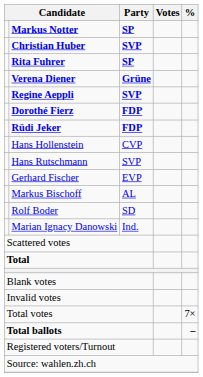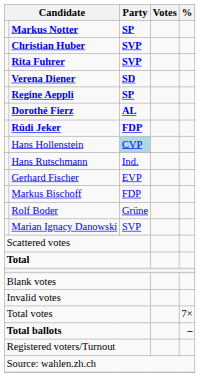 <table class="wikitable" style="text-align:right;">
 <tr>
 <th colspan=2>Candidate</th>
 <th>Party</th>
 <th>Votes</th>
 <th>%</th>
 </tr>
 <tr style="font-weight:bold;">
 <td style="background-color:"></td>
 <td style="text-align:left;"><a href='#'>Markus Notter</a></td>
 <td style="text-align:left;"><a href='#'>SP</a></td>
 <td></td>
 <td></td>
 </tr>
 <tr style="font-weight:bold;">
 <td style="background-color:"></td>
 <td style="text-align:left;"><a href='#'>Christian Huber</a></td>
 <td style="text-align:left;"><a href='#'>SVP</a></td>
 <td></td>
 <td></td>
 </tr>
 <tr style="font-weight:bold;">
 <td style="background-color:"></td>
 <td style="text-align:left;"><a href='#'>Rita Fuhrer</a></td>
+<td style="text-align:left;"><a href='#'>SVP</a></td>
+<td></td>
+<td></td>
+</tr>
+<tr style="font-weight:bold;">
+<td style="background-color:"></td>
+<td style="text-align:left;"><a href='#'>Verena Diener</a></td>
+<td style="text-align:left;"><a href='#'>SD</a></td>
+<td></td>
+<td></td>
+</tr>
+<tr style="font-weight:bold;">
+<td style="background-color:"></td>
+<td style="text-align:left;"><a href='#'>Regine Aeppli</a></td>
 <td style="text-align:left;"><a href='#'>SP</a></td>
 <td></td>
 <td></td>
 </tr>
 <tr style="font-weight:bold;">
 <td style="background-color:"></td>
-<td style="text-align:left;"><a href='#'>Verena Diener</a></td>
-<td style="text-align:left;"><a href='#'>Grüne</a></td>
-<td></td>
-<td></td>
-</tr>
-<tr style="font-weight:bold;">
-<td style="background-color:"></td>
-<td style="text-align:left;"><a href='#'>Regine Aeppli</a></td>
-<td style="text-align:left;"><a href='#'>SVP</a></td>
-<td></td>
-<td></td>
-</tr>
-<tr style="font-weight:bold;">
-<td style="background-color:"></td>
 <td style="text-align:left;"><a href='#'>Dorothé Fierz</a></td>
-<td style="text-align:left;"><a href='#'>FDP</a></td>
+<td style="text-align:left;"><a href='#'>AL</a></td>
 <td></td>
 <td></td>
 </tr>
 <tr style="font-weight:bold;">
 <td style="background-color:"></td>
 <td style="text-align:left;"><a href='#'>Rüdi Jeker</a></td>
 <td style="text-align:left;"><a href='#'>FDP</a></td>
 <td></td>
 <td></td>
 </tr>
 <tr>
 <td style="background-color:"></td>
 <td style="text-align:left;"><a href='#'>Hans Hollenstein</a></td>
-<td style="text-align:left;"><a href='#'>CVP</a></td>
+<td style="background: lightblue; text-align:left;"><a href='#'>CVP</a></td>
 <td></td>
 <td></td>
 </tr>
 <tr>
 <td style="background-color:"></td>
 <td style="text-align:left;"><a href='#'>Hans Rutschmann</a></td>
-<td style="text-align:left;"><a href='#'>SVP</a></td>
+<td style="text-align:left;"><a href='#'>Ind.</a></td>
 <td></td>
 <td></td>
 </tr>
 <tr>
 <td style="background-color:"></td>
 <td style="text-align:left;"><a href='#'>Gerhard Fischer</a></td>
 <td style="text-align:left;"><a href='#'>EVP</a></td>
 <td></td>
 <td></td>
 </tr>
 <tr>
 <td style="background-color:"></td>
 <td style="text-align:left;"><a href='#'>Markus Bischoff</a></td>
-<td style="text-align:left;"><a href='#'>AL</a></td>
+<td style="text-align:left;"><a href='#'>FDP</a></td>
 <td></td>
 <td></td>
 </tr>
 <tr>
 <td style="background-color:"></td>
 <td style="text-align:left;"><a href='#'>Rolf Boder</a></td>
-<td style="text-align:left;"><a href='#'>SD</a></td>
+<td style="text-align:left;"><a href='#'>Grüne</a></td>
 <td></td>
 <td></td>
 </tr>
 <tr |->
 <td style="background-color:"></td>
 <td style="text-align:left;"><a href='#'>Marian Ignacy Danowski</a></td>
-<td style="text-align:left;"><a href='#'>Ind.</a></td>
+<td style="text-align:left;"><a href='#'>SVP</a></td>
 <td></td>
 <td></td>
 </tr>
 <tr>
 <td colspan=3 style="text-align:left;">Scattered votes</td>
 <td></td>
 <td></td>
 </tr>
 <tr style="font-weight:bold;">
 <td colspan=3 style="text-align:left;">Total</td>
 <td></td>
 <td></td>
 </tr>
 <tr>
 <th colspan=10></th>
 </tr>
 <tr>
 <td colspan=3 style="text-align:left;">Blank votes</td>
 <td></td>
 <td></td>
 </tr>
 <tr>
 <td colspan=3 style="text-align:left;">Invalid votes</td>
 <td></td>
 <td></td>
 </tr>
 <tr>
 <td colspan=3 style="text-align:left;">Total votes</td>
 <td></td>
 <td>7×</td>
 </tr>
 <tr style="font-weight:bold;">
 <td colspan=3 style="text-align:left;">Total ballots</td>
 <td></td>
 <td>–</td>
 </tr>
 <tr>
 <td colspan=3 style="text-align:left;">Registered voters/Turnout</td>
 <td></td>
 <td></td>
 </tr>
 <tr>
 <td colspan=10 style="text-align:left;">Source: wahlen.zh.ch</td>
 </tr>
 <tr>
 </tr>
 </table>
